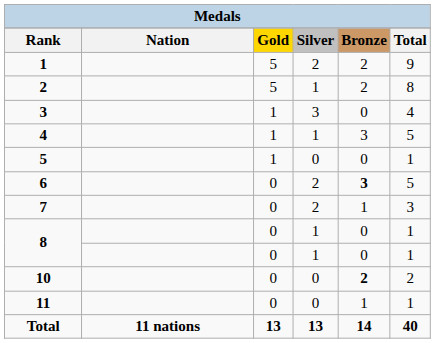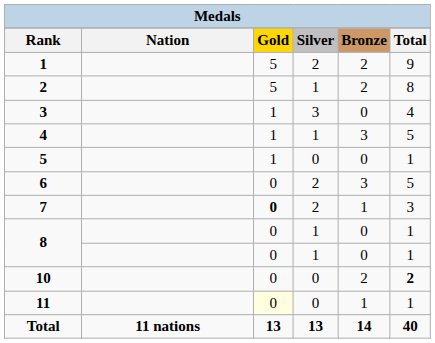 <table class="wikitable" style="text-align:center">
 <tr>
 <td colspan="6" style="background:#BCD4E6"><strong>Medals</strong></td>
 </tr>
 <tr>
 </tr>
 <tr style="background-color:#EDEDED;">
 <th width="75px" class="hintergrundfarbe5">Rank</th>
 <th width="175px" class="hintergrundfarbe6">Nation</th>
 <th style="background:    gold; width:35px ">Gold</th>
 <th style="background:  silver; width:35px ">Silver</th>
 <th style="background: #CC9966; width:35px ">Bronze</th>
 <th width="35px">Total</th>
 </tr>
 <tr>
 <td><strong>1</strong></td>
 <td align=left></td>
 <td>5</td>
 <td>2</td>
 <td>2</td>
 <td>9</td>
 </tr>
 <tr>
 <td><strong>2</strong></td>
 <td align=left></td>
 <td>5</td>
 <td>1</td>
 <td>2</td>
 <td>8</td>
 </tr>
 <tr>
 <td><strong>3</strong></td>
 <td align=left></td>
 <td>1</td>
 <td>3</td>
 <td>0</td>
 <td>4</td>
 </tr>
 <tr>
 <td><strong>4</strong></td>
 <td align=left><em></em></td>
 <td>1</td>
 <td>1</td>
 <td>3</td>
 <td>5</td>
 </tr>
 <tr>
 <td><strong>5</strong></td>
 <td align=left></td>
 <td>1</td>
 <td>0</td>
 <td>0</td>
 <td>1</td>
 </tr>
 <tr>
 <td><strong>6</strong></td>
 <td align=left></td>
 <td>0</td>
 <td>2</td>
-<td><strong>3</strong></td>
+<td>3</td>
 <td>5</td>
 </tr>
 <tr>
 <td><strong>7</strong></td>
 <td align=left></td>
-<td>0</td>
+<td><strong>0</strong></td>
 <td>2</td>
 <td>1</td>
 <td>3</td>
 </tr>
 <tr>
 <td rowspan="2"><strong>8</strong></td>
 <td align=left><em></em></td>
 <td>0</td>
 <td>1</td>
 <td>0</td>
 <td>1</td>
 </tr>
 <tr>
 <td align=left></td>
 <td>0</td>
 <td>1</td>
 <td>0</td>
 <td>1</td>
 </tr>
 <tr>
 <td><strong>10</strong></td>
 <td align=left></td>
 <td>0</td>
 <td>0</td>
+<td>2</td>
 <td><strong>2</strong></td>
-<td>2</td>
 </tr>
 <tr>
 <td><strong>11</strong></td>
 <td align=left></td>
-<td>0</td>
+<td style="background: lightyellow;">0</td>
 <td>0</td>
 <td>1</td>
 <td>1</td>
 </tr>
 <tr>
 <td><strong>Total</strong></td>
 <td><strong>11 nations</strong></td>
 <td><strong>13</strong></td>
 <td><strong>13</strong></td>
 <td><strong>14</strong></td>
 <td><strong>40</strong></td>
 </tr>
 </table>
